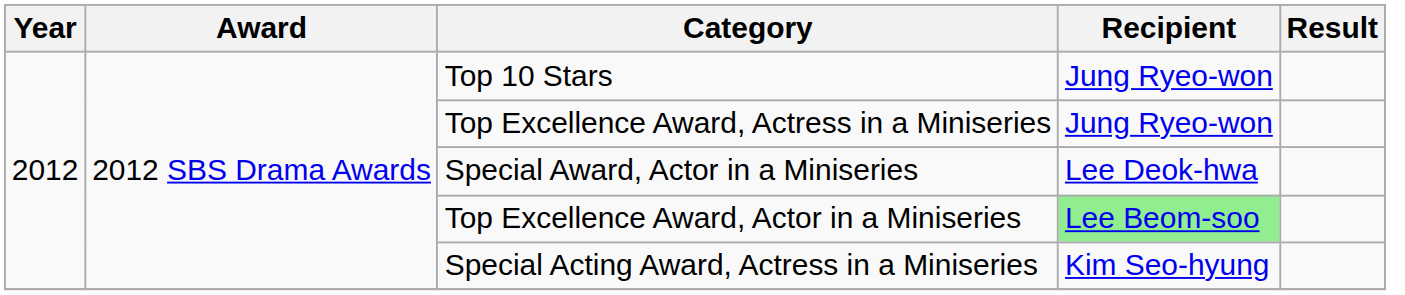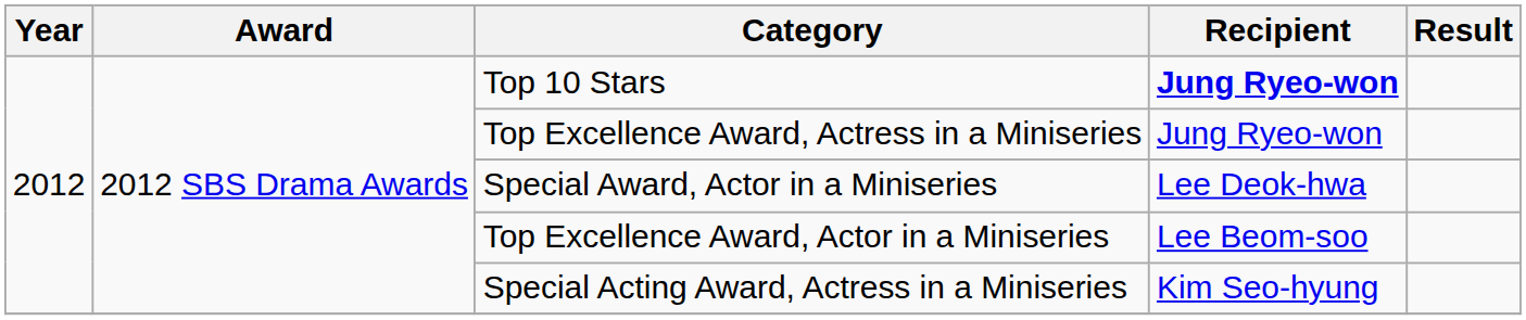 <table class="wikitable">
 <tr>
 <th>Year</th>
 <th>Award</th>
 <th>Category</th>
 <th>Recipient</th>
 <th>Result</th>
 </tr>
 <tr>
 <td rowspan="5">2012</td>
 <td rowspan="5" style="text-align:center;">2012 <a href='#'>SBS Drama Awards</a></td>
 <td>Top 10 Stars</td>
-<td><a href='#'>Jung Ryeo-won</a></td>
+<td><strong><a href='#'>Jung Ryeo-won</a></strong></td>
 <td></td>
 </tr>
 <tr>
 <td>Top Excellence Award, Actress in a Miniseries</td>
 <td><a href='#'>Jung Ryeo-won</a></td>
 <td></td>
 </tr>
 <tr>
 <td>Special Award, Actor in a Miniseries</td>
 <td><a href='#'>Lee Deok-hwa</a></td>
 <td></td>
 </tr>
 <tr>
 <td>Top Excellence Award, Actor in a Miniseries</td>
-<td style="background: lightgreen;"><a href='#'>Lee Beom-soo</a></td>
+<td><a href='#'>Lee Beom-soo</a></td>
 <td></td>
 </tr>
 <tr>
 <td>Special Acting Award, Actress in a Miniseries</td>
 <td><a href='#'>Kim Seo-hyung</a></td>
 <td></td>
 </tr>
 <tr>
 </tr>
 </table>
